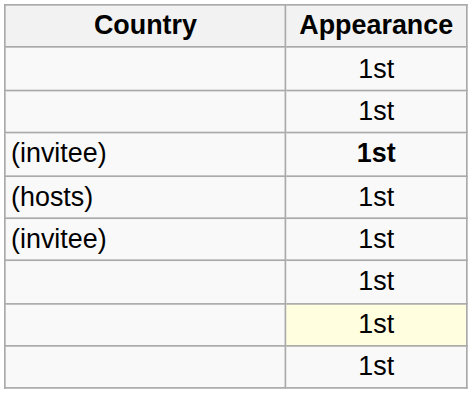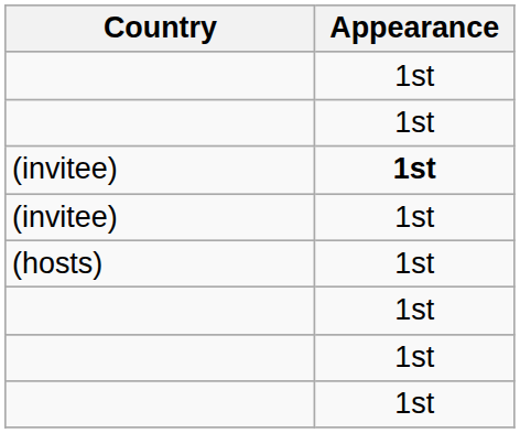 <table class="wikitable sortable" style="text-align:left;">
 <tr>
 <th style="width:160px;">Country</th>
 <th style="width:100px;">Appearance</th>
 </tr>
 <tr>
 <td></td>
 <td align="center">1st</td>
 </tr>
 <tr>
 <td></td>
 <td align="center">1st</td>
 </tr>
 <tr>
 <td> (invitee)</td>
 <td align="center"><strong>1st</strong></td>
 </tr>
 <tr>
-<td> (hosts)</td>
+<td> (invitee)</td>
 <td align="center">1st</td>
 </tr>
 <tr>
-<td> (invitee)</td>
+<td> (hosts)</td>
 <td align="center">1st</td>
 </tr>
 <tr>
 <td></td>
 <td align="center">1st</td>
 </tr>
 <tr>
 <td></td>
-<td align="center" style="background: lightyellow;">1st</td>
+<td align="center">1st</td>
 </tr>
 <tr>
 <td></td>
 <td align="center">1st</td>
 </tr>
 </table>
